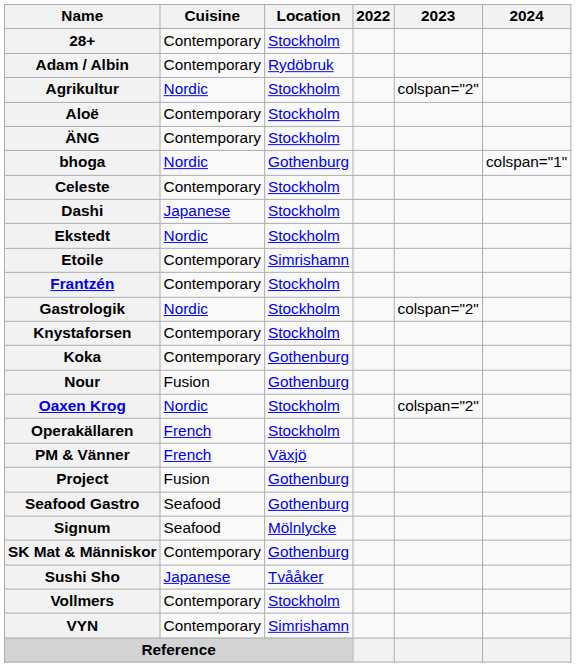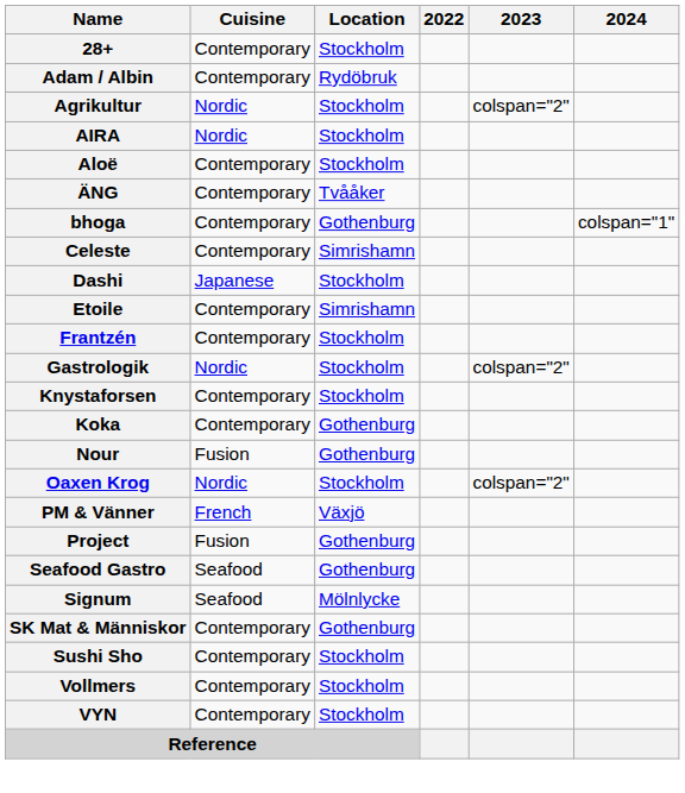 <table class="wikitable sortable plainrowheaders" style="text-align:left;"">
 <tr>
 <th scope="col">Name</th>
 <th scope="col">Cuisine</th>
 <th scope="col">Location</th>
 <th scope="col">2022</th>
 <th scope="col">2023</th>
 <th scope="col">2024</th>
 </tr>
 <tr>
 <th scope="row">28+</th>
 <td>Contemporary</td>
 <td><a href='#'>Stockholm</a></td>
 <td></td>
 <td></td>
 <td></td>
 </tr>
 <tr>
 <th scope="row">Adam / Albin</th>
 <td>Contemporary</td>
 <td><a href='#'>Rydöbruk</a></td>
 <td></td>
 <td></td>
 <td></td>
 </tr>
 <tr>
 <th scope="row">Agrikultur</th>
 <td><a href='#'>Nordic</a></td>
 <td><a href='#'>Stockholm</a></td>
 <td></td>
 <td>colspan="2" </td>
 </tr>
 <tr>
+<th scope="row">AIRA</th>
+<td><a href='#'>Nordic</a></td>
+<td><a href='#'>Stockholm</a></td>
+<td></td>
+<td></td>
+<td></td>
+</tr>
+<tr>
 <th scope="row">Aloë</th>
 <td>Contemporary</td>
 <td><a href='#'>Stockholm</a></td>
 <td></td>
 <td></td>
 <td></td>
 </tr>
 <tr>
 <th scope="row">ÄNG</th>
 <td>Contemporary</td>
-<td><a href='#'>Stockholm</a></td>
+<td><a href='#'>Tvååker</a></td>
 <td></td>
 <td></td>
 <td></td>
 </tr>
 <tr>
 <th scope="row">bhoga</th>
-<td><a href='#'>Nordic</a></td>
+<td>Contemporary</td>
 <td><a href='#'>Gothenburg</a></td>
 <td></td>
 <td></td>
 <td>colspan="1" </td>
 </tr>
 <tr>
 <th scope="row">Celeste</th>
 <td>Contemporary</td>
-<td><a href='#'>Stockholm</a></td>
+<td><a href='#'>Simrishamn</a></td>
 <td></td>
 <td></td>
 <td></td>
 </tr>
 <tr>
 <th scope="row">Dashi</th>
 <td><a href='#'>Japanese</a></td>
-<td><a href='#'>Stockholm</a></td>
-<td></td>
-<td></td>
-<td></td>
-</tr>
-<tr>
-<th scope="row">Ekstedt</th>
-<td><a href='#'>Nordic</a></td>
 <td><a href='#'>Stockholm</a></td>
 <td></td>
 <td></td>
 <td></td>
 </tr>
 <tr>
 <th scope="row">Etoile</th>
 <td>Contemporary</td>
 <td><a href='#'>Simrishamn</a></td>
 <td></td>
 <td></td>
 <td></td>
 </tr>
 <tr>
 <th scope="row"><a href='#'>Frantzén</a></th>
 <td>Contemporary</td>
 <td><a href='#'>Stockholm</a></td>
 <td></td>
 <td></td>
 <td></td>
 </tr>
 <tr>
 <th scope="row">Gastrologik</th>
 <td><a href='#'>Nordic</a></td>
 <td><a href='#'>Stockholm</a></td>
 <td></td>
 <td>colspan="2" </td>
 </tr>
 <tr>
 <th scope="row">Knystaforsen</th>
 <td>Contemporary</td>
 <td><a href='#'>Stockholm</a></td>
 <td></td>
 <td></td>
 <td></td>
 </tr>
 <tr>
 <th scope="row">Koka</th>
 <td>Contemporary</td>
 <td><a href='#'>Gothenburg</a></td>
 <td></td>
 <td></td>
 <td></td>
 </tr>
 <tr>
 <th scope="row">Nour</th>
 <td>Fusion</td>
 <td><a href='#'>Gothenburg</a></td>
 <td></td>
 <td></td>
 <td></td>
 </tr>
 <tr>
 <th scope="row"><a href='#'>Oaxen Krog</a></th>
 <td><a href='#'>Nordic</a></td>
 <td><a href='#'>Stockholm</a></td>
 <td></td>
 <td>colspan="2" </td>
 </tr>
 <tr>
-<th scope="row">Operakällaren</th>
-<td><a href='#'>French</a></td>
-<td><a href='#'>Stockholm</a></td>
-<td></td>
-<td></td>
-<td></td>
-</tr>
-<tr>
 <th scope="row">PM & Vänner</th>
 <td><a href='#'>French</a></td>
 <td><a href='#'>Växjö</a></td>
 <td></td>
 <td></td>
 <td></td>
 </tr>
 <tr>
 <th scope="row">Project</th>
 <td>Fusion</td>
 <td><a href='#'>Gothenburg</a></td>
 <td></td>
 <td></td>
 <td></td>
 </tr>
 <tr>
 <th scope="row">Seafood Gastro</th>
 <td>Seafood</td>
 <td><a href='#'>Gothenburg</a></td>
 <td></td>
 <td></td>
 <td></td>
 </tr>
 <tr>
 <th scope="row">Signum</th>
 <td>Seafood</td>
 <td><a href='#'>Mölnlycke</a></td>
 <td></td>
 <td></td>
 <td></td>
 </tr>
 <tr>
 <th scope="row">SK Mat & Människor</th>
 <td>Contemporary</td>
 <td><a href='#'>Gothenburg</a></td>
 <td></td>
 <td></td>
 <td></td>
 </tr>
 <tr>
 <th scope="row">Sushi Sho</th>
-<td><a href='#'>Japanese</a></td>
-<td><a href='#'>Tvååker</a></td>
+<td>Contemporary</td>
+<td><a href='#'>Stockholm</a></td>
 <td></td>
 <td></td>
 <td></td>
 </tr>
 <tr>
 <th scope="row">Vollmers</th>
 <td>Contemporary</td>
 <td><a href='#'>Stockholm</a></td>
 <td></td>
 <td></td>
 <td></td>
 </tr>
 <tr>
 <th scope="row">VYN</th>
 <td>Contemporary</td>
-<td><a href='#'>Simrishamn</a></td>
+<td><a href='#'>Stockholm</a></td>
 <td></td>
 <td></td>
 <td></td>
 </tr>
 <tr>
 <th colspan="3" style="text-align: center;background: lightgray;">Reference</th>
 <th></th>
 <th></th>
 <th></th>
 </tr>
 </table>
